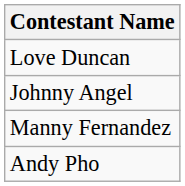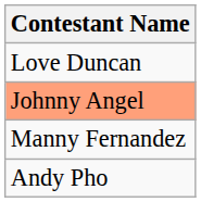 <table class="wikitable sortable">
 <tr>
 <th>Contestant Name</th>
 </tr>
 <tr>
 <td>Love Duncan</td>
 </tr>
 <tr>
-<td>Johnny Angel</td>
+<td style="background: lightsalmon;">Johnny Angel</td>
 </tr>
 <tr>
 <td>Manny Fernandez</td>
 </tr>
 <tr>
 <td>Andy Pho</td>
 </tr>
 </table>
